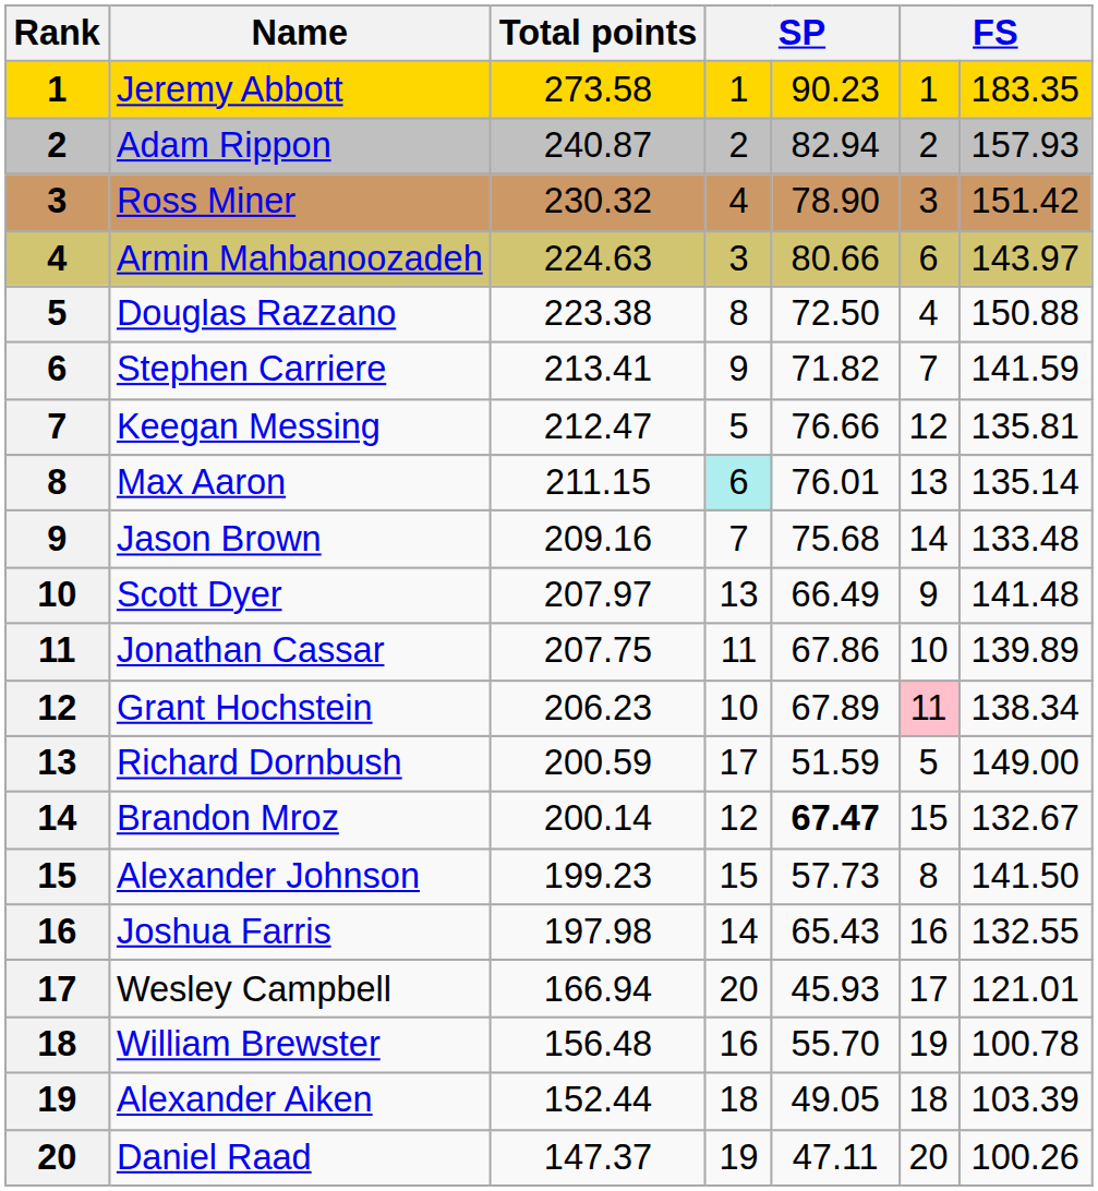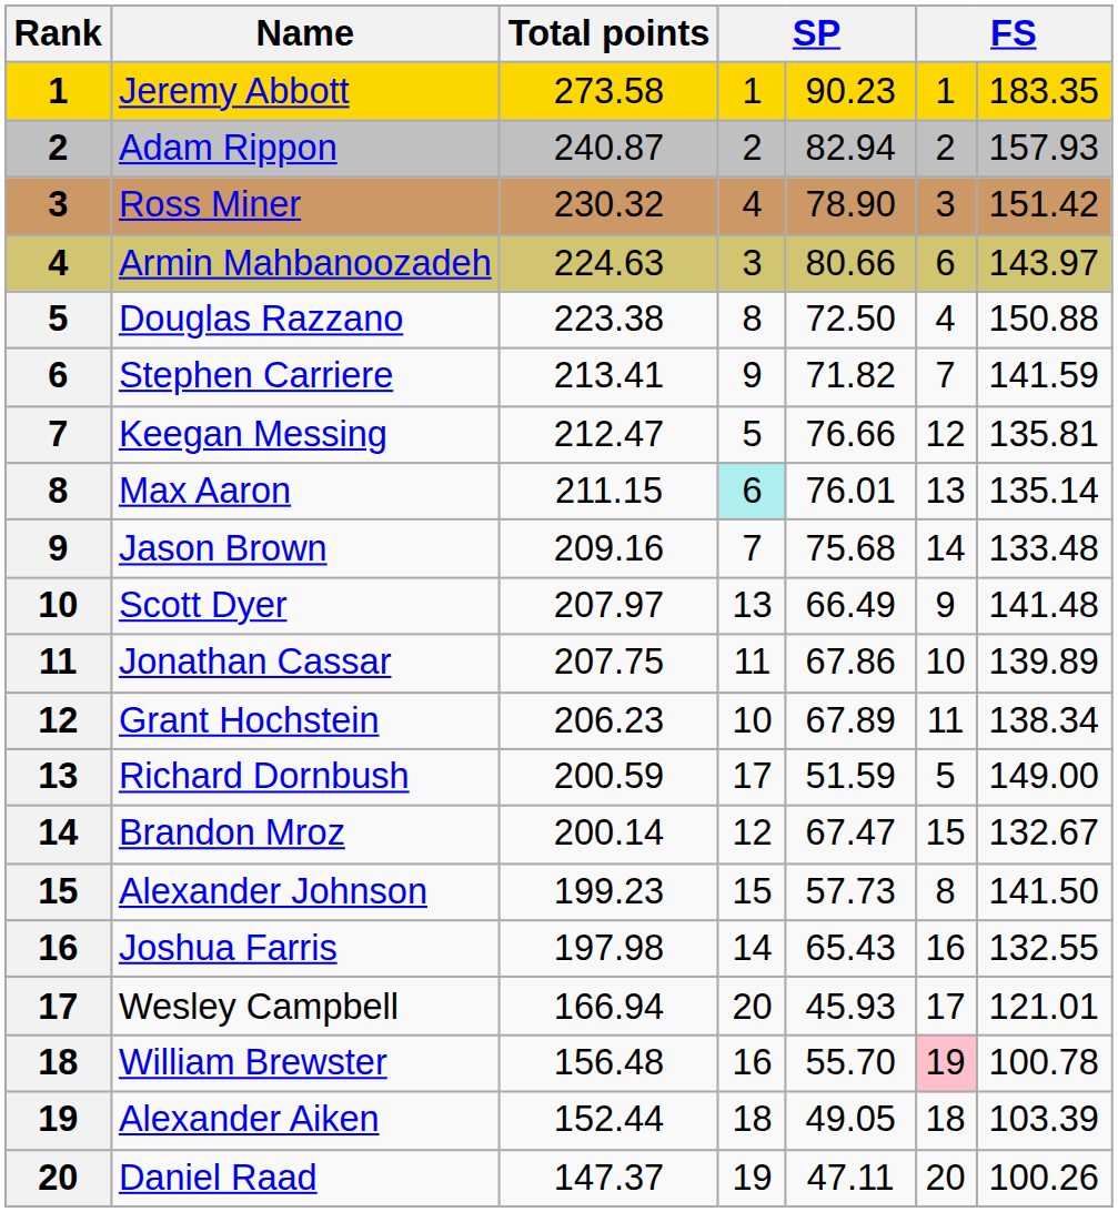 <table class="wikitable sortable">
 <tr>
 <th>Rank</th>
 <th>Name</th>
 <th>Total points</th>
 <th colspan="2" width="80px"><a href='#'>SP</a></th>
 <th colspan="2" width="80px"><a href='#'>FS</a></th>
 </tr>
 <tr bgcolor="gold">
 <td align="center"><strong>1</strong></td>
 <td><a href='#'>Jeremy Abbott</a></td>
 <td align="center">273.58</td>
 <td align="center">1</td>
 <td align="center">90.23</td>
 <td align="center">1</td>
 <td align="center">183.35</td>
 </tr>
 <tr bgcolor="silver">
 <td align="center"><strong>2</strong></td>
 <td><a href='#'>Adam Rippon</a></td>
 <td align="center">240.87</td>
 <td align="center">2</td>
 <td align="center">82.94</td>
 <td align="center">2</td>
 <td align="center">157.93</td>
 </tr>
 <tr bgcolor="cc9966">
 <td align="center"><strong>3</strong></td>
 <td><a href='#'>Ross Miner</a></td>
 <td align="center">230.32</td>
 <td align="center">4</td>
 <td align="center">78.90</td>
 <td align="center">3</td>
 <td align="center">151.42</td>
 </tr>
 <tr bgcolor="#d1c571">
 <td align="center"><strong>4</strong></td>
 <td><a href='#'>Armin Mahbanoozadeh</a></td>
 <td align="center">224.63</td>
 <td align="center">3</td>
 <td align="center">80.66</td>
 <td align="center">6</td>
 <td align="center">143.97</td>
 </tr>
 <tr>
 <th>5</th>
 <td><a href='#'>Douglas Razzano</a></td>
 <td align="center">223.38</td>
 <td align="center">8</td>
 <td align="center">72.50</td>
 <td align="center">4</td>
 <td align="center">150.88</td>
 </tr>
 <tr>
 <th>6</th>
 <td><a href='#'>Stephen Carriere</a></td>
 <td align="center">213.41</td>
 <td align="center">9</td>
 <td align="center">71.82</td>
 <td align="center">7</td>
 <td align="center">141.59</td>
 </tr>
 <tr>
 <th>7</th>
 <td><a href='#'>Keegan Messing</a></td>
 <td align="center">212.47</td>
 <td align="center">5</td>
 <td align="center">76.66</td>
 <td align="center">12</td>
 <td align="center">135.81</td>
 </tr>
 <tr>
 <th>8</th>
 <td><a href='#'>Max Aaron</a></td>
 <td align="center">211.15</td>
 <td align="center" style="background: paleturquoise;">6</td>
 <td align="center">76.01</td>
 <td align="center">13</td>
 <td align="center">135.14</td>
 </tr>
 <tr>
 <th>9</th>
 <td><a href='#'>Jason Brown</a></td>
 <td align="center">209.16</td>
 <td align="center">7</td>
 <td align="center">75.68</td>
 <td align="center">14</td>
 <td align="center">133.48</td>
 </tr>
 <tr>
 <th>10</th>
 <td><a href='#'>Scott Dyer</a></td>
 <td align="center">207.97</td>
 <td align="center">13</td>
 <td align="center">66.49</td>
 <td align="center">9</td>
 <td align="center">141.48</td>
 </tr>
 <tr>
 <th>11</th>
 <td><a href='#'>Jonathan Cassar</a></td>
 <td align="center">207.75</td>
 <td align="center">11</td>
 <td align="center">67.86</td>
 <td align="center">10</td>
 <td align="center">139.89</td>
 </tr>
 <tr>
 <th>12</th>
 <td><a href='#'>Grant Hochstein</a></td>
 <td align="center">206.23</td>
 <td align="center">10</td>
 <td align="center">67.89</td>
-<td align="center" style="background: pink;">11</td>
+<td align="center">11</td>
 <td align="center">138.34</td>
 </tr>
 <tr>
 <th>13</th>
 <td><a href='#'>Richard Dornbush</a></td>
 <td align="center">200.59</td>
 <td align="center">17</td>
 <td align="center">51.59</td>
 <td align="center">5</td>
 <td align="center">149.00</td>
 </tr>
 <tr>
 <th>14</th>
 <td><a href='#'>Brandon Mroz</a></td>
 <td align="center">200.14</td>
 <td align="center">12</td>
-<td align="center"><strong>67.47</strong></td>
+<td align="center">67.47</td>
 <td align="center">15</td>
 <td align="center">132.67</td>
 </tr>
 <tr>
 <th>15</th>
 <td><a href='#'>Alexander Johnson</a></td>
 <td align="center">199.23</td>
 <td align="center">15</td>
 <td align="center">57.73</td>
 <td align="center">8</td>
 <td align="center">141.50</td>
 </tr>
 <tr>
 <th>16</th>
 <td><a href='#'>Joshua Farris</a></td>
 <td align="center">197.98</td>
 <td align="center">14</td>
 <td align="center">65.43</td>
 <td align="center">16</td>
 <td align="center">132.55</td>
 </tr>
 <tr>
 <th>17</th>
 <td>Wesley Campbell</td>
 <td align="center">166.94</td>
 <td align="center">20</td>
 <td align="center">45.93</td>
 <td align="center">17</td>
 <td align="center">121.01</td>
 </tr>
 <tr>
 <th>18</th>
 <td><a href='#'>William Brewster</a></td>
 <td align="center">156.48</td>
 <td align="center">16</td>
 <td align="center">55.70</td>
-<td align="center">19</td>
+<td align="center" style="background: pink;">19</td>
 <td align="center">100.78</td>
 </tr>
 <tr>
 <th>19</th>
 <td><a href='#'>Alexander Aiken</a></td>
 <td align="center">152.44</td>
 <td align="center">18</td>
 <td align="center">49.05</td>
 <td align="center">18</td>
 <td align="center">103.39</td>
 </tr>
 <tr>
 <th>20</th>
 <td><a href='#'>Daniel Raad</a></td>
 <td align="center">147.37</td>
 <td align="center">19</td>
 <td align="center">47.11</td>
 <td align="center">20</td>
 <td align="center">100.26</td>
 </tr>
 </table>
